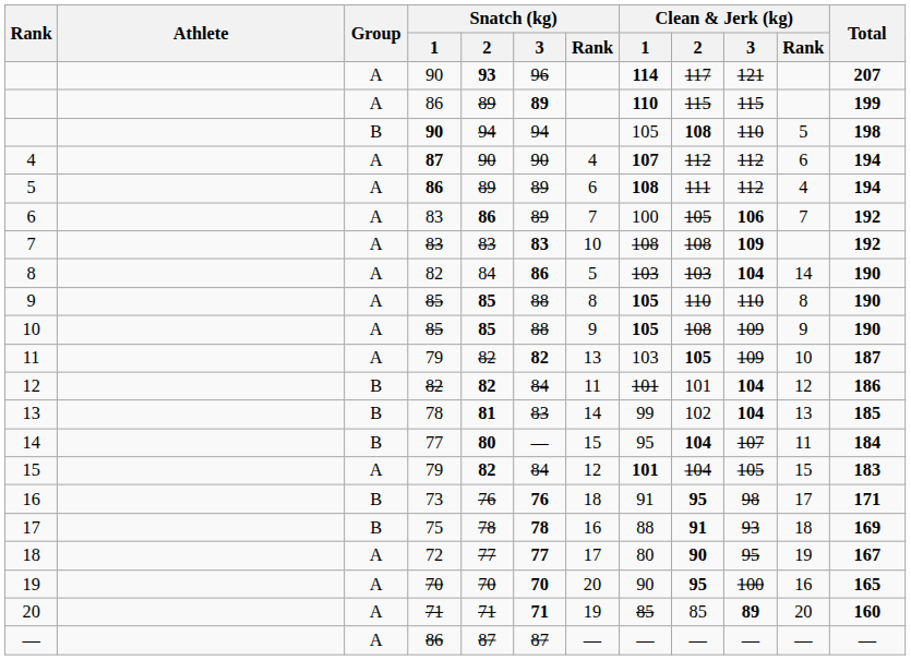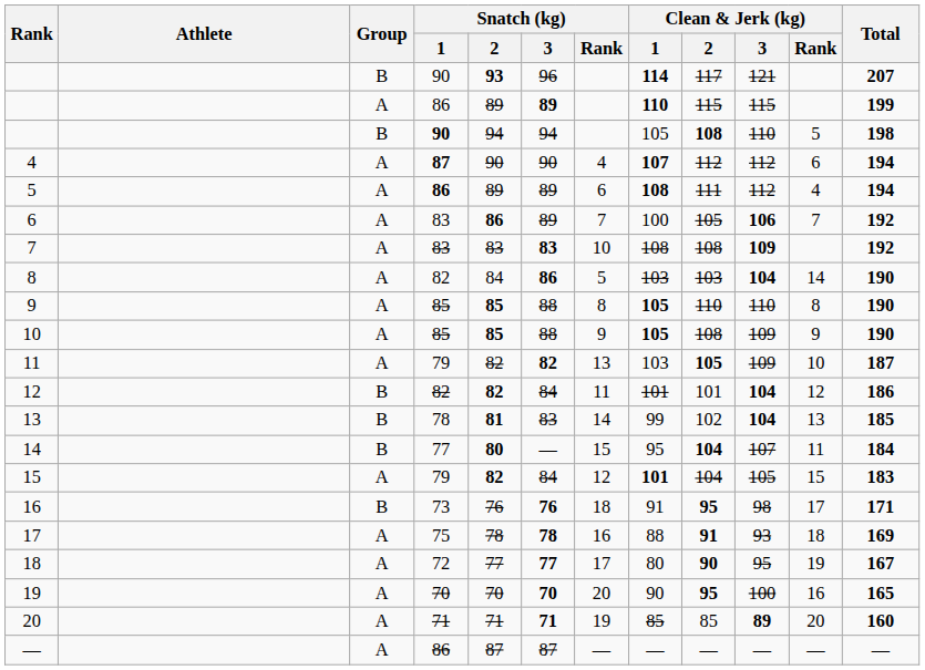 <table class = "wikitable" style="text-align:center;">
 <tr>
 <th rowspan=2 width=40>Rank</th>
 <th rowspan=2 width=250>Athlete</th>
 <th rowspan=2 width=50>Group</th>
 <th colspan=4>Snatch (kg)</th>
 <th colspan=4>Clean & Jerk (kg)</th>
 <th rowspan=2 width=60>Total</th>
 </tr>
 <tr>
 <th width=40>1</th>
 <th width=40>2</th>
 <th width=40>3</th>
 <th width=40>Rank</th>
 <th width=40>1</th>
 <th width=40>2</th>
 <th width=40>3</th>
 <th width=40>Rank</th>
 </tr>
 <tr>
 <td></td>
 <td align=left></td>
-<td>A</td>
+<td>B</td>
 <td>90</td>
 <td><strong>93</strong></td>
 <td><s>96</s></td>
 <td></td>
 <td><strong>114</strong></td>
 <td><s>117</s></td>
 <td><s>121</s></td>
 <td></td>
 <td><strong>207</strong></td>
 </tr>
 <tr>
 <td></td>
 <td align=left></td>
 <td>A</td>
 <td>86</td>
 <td><s>89</s></td>
 <td><strong>89</strong></td>
 <td></td>
 <td><strong>110</strong></td>
 <td><s>115</s></td>
 <td><s>115</s></td>
 <td></td>
 <td><strong>199</strong></td>
 </tr>
 <tr>
 <td></td>
 <td align=left></td>
 <td>B</td>
 <td><strong>90</strong></td>
 <td><s>94</s></td>
 <td><s>94</s></td>
 <td></td>
 <td>105</td>
 <td><strong>108</strong></td>
 <td><s>110</s></td>
 <td>5</td>
 <td><strong>198</strong></td>
 </tr>
 <tr>
 <td>4</td>
 <td align=left></td>
 <td>A</td>
 <td><strong>87</strong></td>
 <td><s>90</s></td>
 <td><s>90</s></td>
 <td>4</td>
 <td><strong>107</strong></td>
 <td><s>112</s></td>
 <td><s>112</s></td>
 <td>6</td>
 <td><strong>194</strong></td>
 </tr>
 <tr>
 <td>5</td>
 <td align=left></td>
 <td>A</td>
 <td><strong>86</strong></td>
 <td><s>89</s></td>
 <td><s>89</s></td>
 <td>6</td>
 <td><strong>108</strong></td>
 <td><s>111</s></td>
 <td><s>112</s></td>
 <td>4</td>
 <td><strong>194</strong></td>
 </tr>
 <tr>
 <td>6</td>
 <td align=left></td>
 <td>A</td>
 <td>83</td>
 <td><strong>86</strong></td>
 <td><s>89</s></td>
 <td>7</td>
 <td>100</td>
 <td><s>105</s></td>
 <td><strong>106</strong></td>
 <td>7</td>
 <td><strong>192</strong></td>
 </tr>
 <tr>
 <td>7</td>
 <td align=left></td>
 <td>A</td>
 <td><s>83</s></td>
 <td><s>83</s></td>
 <td><strong>83</strong></td>
 <td>10</td>
 <td><s>108</s></td>
 <td><s>108</s></td>
 <td><strong>109</strong></td>
 <td></td>
 <td><strong>192</strong></td>
 </tr>
 <tr>
 <td>8</td>
 <td align=left></td>
 <td>A</td>
 <td>82</td>
 <td>84</td>
 <td><strong>86</strong></td>
 <td>5</td>
 <td><s>103</s></td>
 <td><s>103</s></td>
 <td><strong>104</strong></td>
 <td>14</td>
 <td><strong>190</strong></td>
 </tr>
 <tr>
 <td>9</td>
 <td align=left></td>
 <td>A</td>
 <td><s>85</s></td>
 <td><strong>85</strong></td>
 <td><s>88</s></td>
 <td>8</td>
 <td><strong>105</strong></td>
 <td><s>110</s></td>
 <td><s>110</s></td>
 <td>8</td>
 <td><strong>190</strong></td>
 </tr>
 <tr>
 <td>10</td>
 <td align=left></td>
 <td>A</td>
 <td><s>85</s></td>
 <td><strong>85</strong></td>
 <td><s>88</s></td>
 <td>9</td>
 <td><strong>105</strong></td>
 <td><s>108</s></td>
 <td><s>109</s></td>
 <td>9</td>
 <td><strong>190</strong></td>
 </tr>
 <tr>
 <td>11</td>
 <td align=left></td>
 <td>A</td>
 <td>79</td>
 <td><s>82</s></td>
 <td><strong>82</strong></td>
 <td>13</td>
 <td>103</td>
 <td><strong>105</strong></td>
 <td><s>109</s></td>
 <td>10</td>
 <td><strong>187</strong></td>
 </tr>
 <tr>
 <td>12</td>
 <td align=left></td>
 <td>B</td>
 <td><s>82</s></td>
 <td><strong>82</strong></td>
 <td><s>84</s></td>
 <td>11</td>
 <td><s>101</s></td>
 <td>101</td>
 <td><strong>104</strong></td>
 <td>12</td>
 <td><strong>186</strong></td>
 </tr>
 <tr>
 <td>13</td>
 <td align=left></td>
 <td>B</td>
 <td>78</td>
 <td><strong>81</strong></td>
 <td><s>83</s></td>
 <td>14</td>
 <td>99</td>
 <td>102</td>
 <td><strong>104</strong></td>
 <td>13</td>
 <td><strong>185</strong></td>
 </tr>
 <tr>
 <td>14</td>
 <td align=left></td>
 <td>B</td>
 <td>77</td>
 <td><strong>80</strong></td>
 <td>—</td>
 <td>15</td>
 <td>95</td>
 <td><strong>104</strong></td>
 <td><s>107</s></td>
 <td>11</td>
 <td><strong>184</strong></td>
 </tr>
 <tr>
 <td>15</td>
 <td align=left></td>
 <td>A</td>
 <td>79</td>
 <td><strong>82</strong></td>
 <td><s>84</s></td>
 <td>12</td>
 <td><strong>101</strong></td>
 <td><s>104</s></td>
 <td><s>105</s></td>
 <td>15</td>
 <td><strong>183</strong></td>
 </tr>
 <tr>
 <td>16</td>
 <td align=left></td>
 <td>B</td>
 <td>73</td>
 <td><s>76</s></td>
 <td><strong>76</strong></td>
 <td>18</td>
 <td>91</td>
 <td><strong>95</strong></td>
 <td><s>98</s></td>
 <td>17</td>
 <td><strong>171</strong></td>
 </tr>
 <tr>
 <td>17</td>
 <td align=left></td>
-<td>B</td>
+<td>A</td>
 <td>75</td>
 <td><s>78</s></td>
 <td><strong>78</strong></td>
 <td>16</td>
 <td>88</td>
 <td><strong>91</strong></td>
 <td><s>93</s></td>
 <td>18</td>
 <td><strong>169</strong></td>
 </tr>
 <tr>
 <td>18</td>
 <td align=left></td>
 <td>A</td>
 <td>72</td>
 <td><s>77</s></td>
 <td><strong>77</strong></td>
 <td>17</td>
 <td>80</td>
 <td><strong>90</strong></td>
 <td><s>95</s></td>
 <td>19</td>
 <td><strong>167</strong></td>
 </tr>
 <tr>
 <td>19</td>
 <td align=left></td>
 <td>A</td>
 <td><s>70</s></td>
 <td><s>70</s></td>
 <td><strong>70</strong></td>
 <td>20</td>
 <td>90</td>
 <td><strong>95</strong></td>
 <td><s>100</s></td>
 <td>16</td>
 <td><strong>165</strong></td>
 </tr>
 <tr>
 <td>20</td>
 <td align=left></td>
 <td>A</td>
 <td><s>71</s></td>
 <td><s>71</s></td>
 <td><strong>71</strong></td>
 <td>19</td>
 <td><s>85</s></td>
 <td>85</td>
 <td><strong>89</strong></td>
 <td>20</td>
 <td><strong>160</strong></td>
 </tr>
 <tr>
 <td>—</td>
 <td align=left></td>
 <td>A</td>
 <td><s>86</s></td>
 <td><s>87</s></td>
 <td><s>87</s></td>
 <td>—</td>
 <td>—</td>
 <td>—</td>
 <td>—</td>
 <td>—</td>
 <td>—</td>
 </tr>
 </table>
